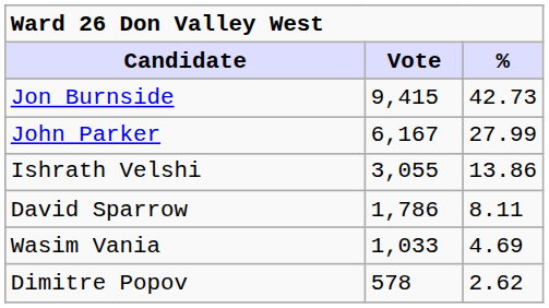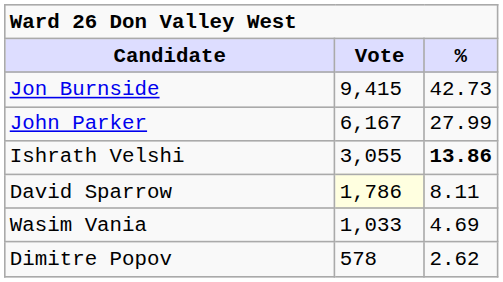 <table class="wikitable plainrowheaders">
 <tr>
 <td colspan="3"><strong>Ward 26 Don Valley West</strong></td>
 </tr>
 <tr>
 <th style="background:#ddf; width:200px;">Candidate</th>
 <th style="background:#ddf; width:50px;">Vote</th>
 <th style="background:#ddf; width:30px;">%</th>
 </tr>
 <tr>
 <td><a href='#'>Jon Burnside</a></td>
 <td>9,415</td>
 <td>42.73</td>
 </tr>
 <tr>
 <td><a href='#'>John Parker</a></td>
 <td>6,167</td>
 <td>27.99</td>
 </tr>
 <tr>
 <td>Ishrath Velshi</td>
 <td>3,055</td>
-<td>13.86</td>
+<td><strong>13.86</strong></td>
 </tr>
 <tr>
 <td>David Sparrow</td>
-<td>1,786</td>
+<td style="background: lightyellow;">1,786</td>
 <td>8.11</td>
 </tr>
 <tr>
 <td>Wasim Vania</td>
 <td>1,033</td>
 <td>4.69</td>
 </tr>
 <tr>
 <td>Dimitre Popov</td>
 <td>578</td>
 <td>2.62</td>
 </tr>
 </table>
